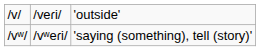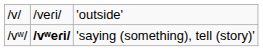 <table class="wikitable">
 <tr>
 <td>/v/</td>
 <td>/veɾi/</td>
 <td>'outside'</td>
 </tr>
 <tr>
 <td>/vʷ/</td>
-<td>/vʷeɾi/</td>
+<td><strong>/vʷeɾi/</strong></td>
 <td>'saying (something), tell (story)'</td>
 </tr>
 </table>
